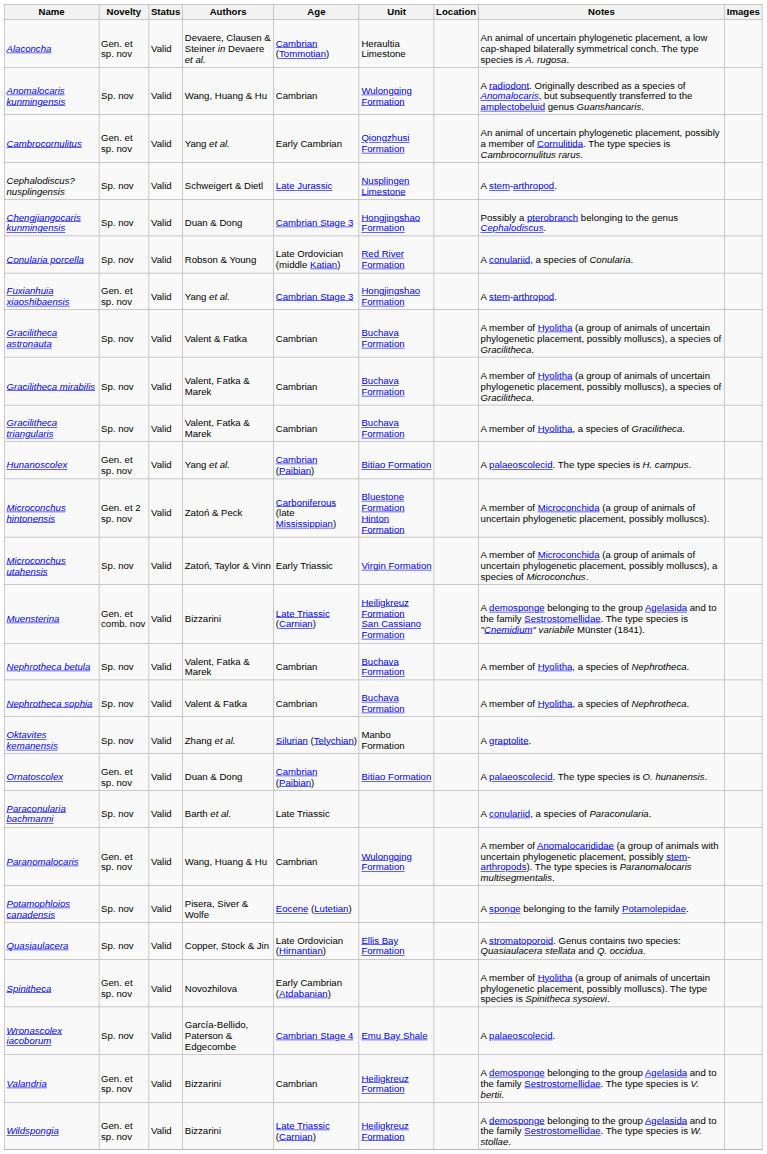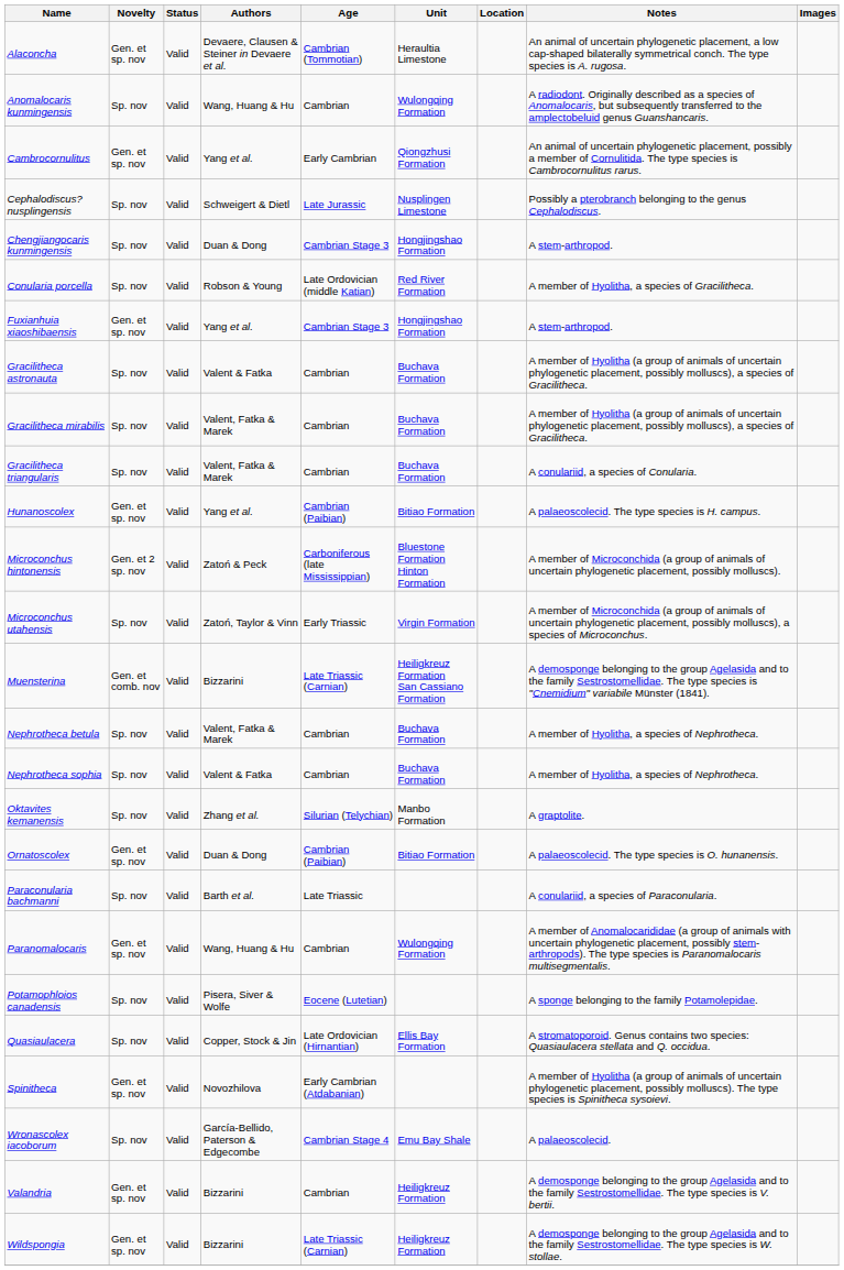 <table class="wikitable sortable" align="center" width="100%">
 <tr>
 <th>Name</th>
 <th>Novelty</th>
 <th>Status</th>
 <th>Authors</th>
 <th>Age</th>
 <th>Unit</th>
 <th>Location</th>
 <th>Notes</th>
 <th>Images</th>
 </tr>
 <tr>
 <td><br><em><a href='#'>Alaconcha</a></em></td>
 <td><br>Gen. et sp. nov</td>
 <td><br>Valid</td>
 <td><br>Devaere, Clausen & Steiner <em>in</em> Devaere <em>et al.</em></td>
 <td><br><a href='#'>Cambrian</a> (<a href='#'>Tommotian</a>)</td>
 <td><br>Heraultia Limestone</td>
 <td><br></td>
 <td><br>An animal of uncertain phylogenetic placement, a low cap-shaped bilaterally symmetrical conch. The type species is <em>A. rugosa</em>.</td>
 <td></td>
 </tr>
 <tr>
 <td><br><em><a href='#'>Anomalocaris kunmingensis</a></em></td>
 <td><br>Sp. nov</td>
 <td><br>Valid</td>
 <td><br>Wang, Huang & Hu</td>
 <td><br>Cambrian</td>
 <td><br><a href='#'>Wulongqing Formation</a></td>
 <td><br></td>
 <td><br>A <a href='#'>radiodont</a>. Originally described as a species of <em><a href='#'>Anomalocaris</a></em>, but subsequently transferred to the <a href='#'>amplectobeluid</a> genus <em>Guanshancaris</em>.</td>
 <td></td>
 </tr>
 <tr>
 <td><br><em><a href='#'>Cambrocornulitus</a></em></td>
 <td><br>Gen. et sp. nov</td>
 <td><br>Valid</td>
 <td><br>Yang <em>et al.</em></td>
 <td><br>Early Cambrian</td>
 <td><br><a href='#'>Qiongzhusi Formation</a></td>
 <td><br></td>
 <td><br>An animal of uncertain phylogenetic placement, possibly a member of <a href='#'>Cornulitida</a>. The type species is <em>Cambrocornulitus rarus</em>.</td>
 <td></td>
 </tr>
 <tr>
 <td><br><em>Cephalodiscus? nusplingensis</em></td>
 <td><br>Sp. nov</td>
 <td><br>Valid</td>
 <td><br>Schweigert & Dietl</td>
 <td><br><a href='#'>Late Jurassic</a></td>
 <td><br><a href='#'>Nusplingen Limestone</a></td>
 <td><br></td>
-<td><br>A <a href='#'>stem</a>-<a href='#'>arthropod</a>.</td>
+<td><br>Possibly a <a href='#'>pterobranch</a> belonging to the genus <em><a href='#'>Cephalodiscus</a></em>.</td>
 <td></td>
 </tr>
 <tr>
 <td><br><em><a href='#'>Chengjiangocaris kunmingensis</a></em></td>
 <td><br>Sp. nov</td>
 <td><br>Valid</td>
 <td><br>Duan & Dong</td>
 <td><br><a href='#'>Cambrian Stage 3</a></td>
 <td><br><a href='#'>Hongjingshao Formation</a></td>
 <td><br></td>
-<td><br>Possibly a <a href='#'>pterobranch</a> belonging to the genus <em><a href='#'>Cephalodiscus</a></em>.</td>
+<td><br>A <a href='#'>stem</a>-<a href='#'>arthropod</a>.</td>
 <td></td>
 </tr>
 <tr>
 <td><br><em><a href='#'>Conularia porcella</a></em></td>
 <td><br>Sp. nov</td>
 <td><br>Valid</td>
 <td><br>Robson & Young</td>
 <td><br>Late Ordovician (middle <a href='#'>Katian</a>)</td>
 <td><br><a href='#'>Red River Formation</a></td>
 <td><br></td>
-<td><br>A <a href='#'>conulariid</a>, a species of <em>Conularia</em>.</td>
+<td><br>A member of <a href='#'>Hyolitha</a>, a species of <em>Gracilitheca</em>.</td>
 <td></td>
 </tr>
 <tr>
 <td><br><em><a href='#'>Fuxianhuia xiaoshibaensis</a></em></td>
 <td><br>Gen. et sp. nov</td>
 <td><br>Valid</td>
 <td><br>Yang <em>et al.</em></td>
 <td><br><a href='#'>Cambrian Stage 3</a></td>
 <td><br><a href='#'>Hongjingshao Formation</a></td>
 <td><br></td>
 <td><br>A <a href='#'>stem</a>-<a href='#'>arthropod</a>.</td>
 <td></td>
 </tr>
 <tr>
 <td><br><em><a href='#'>Gracilitheca astronauta</a></em></td>
 <td><br>Sp. nov</td>
 <td><br>Valid</td>
 <td><br>Valent & Fatka</td>
 <td><br>Cambrian</td>
 <td><br><a href='#'>Buchava Formation</a></td>
 <td><br></td>
 <td><br>A member of <a href='#'>Hyolitha</a> (a group of animals of uncertain phylogenetic placement, possibly molluscs), a species of <em>Gracilitheca</em>.</td>
 <td></td>
 </tr>
 <tr>
 <td><br><em><a href='#'>Gracilitheca mirabilis</a></em></td>
 <td><br>Sp. nov</td>
 <td><br>Valid</td>
 <td><br>Valent, Fatka & Marek</td>
 <td><br>Cambrian</td>
 <td><br><a href='#'>Buchava Formation</a></td>
 <td><br></td>
 <td><br>A member of <a href='#'>Hyolitha</a> (a group of animals of uncertain phylogenetic placement, possibly molluscs), a species of <em>Gracilitheca</em>.</td>
 <td></td>
 </tr>
 <tr>
 <td><br><em><a href='#'>Gracilitheca triangularis</a></em></td>
 <td><br>Sp. nov</td>
 <td><br>Valid</td>
 <td><br>Valent, Fatka & Marek</td>
 <td><br>Cambrian</td>
 <td><br><a href='#'>Buchava Formation</a></td>
 <td><br></td>
-<td><br>A member of <a href='#'>Hyolitha</a>, a species of <em>Gracilitheca</em>.</td>
+<td><br>A <a href='#'>conulariid</a>, a species of <em>Conularia</em>.</td>
 <td></td>
 </tr>
 <tr>
 <td><br><em><a href='#'>Hunanoscolex</a></em></td>
 <td><br>Gen. et sp. nov</td>
 <td><br>Valid</td>
 <td><br>Yang <em>et al.</em></td>
 <td><br><a href='#'>Cambrian</a> (<a href='#'>Paibian</a>)</td>
 <td><br><a href='#'>Bitiao Formation</a></td>
 <td><br></td>
 <td><br>A <a href='#'>palaeoscolecid</a>. The type species is <em>H. campus</em>.</td>
 <td></td>
 </tr>
 <tr>
 <td><br><em><a href='#'>Microconchus hintonensis</a></em></td>
 <td><br>Gen. et 2 sp. nov</td>
 <td><br>Valid</td>
 <td><br>Zatoń & Peck</td>
 <td><br><a href='#'>Carboniferous</a> (late <a href='#'>Mississippian</a>)</td>
 <td><br><a href='#'>Bluestone Formation</a><br> <a href='#'>Hinton Formation</a></td>
 <td><br></td>
 <td><br>A member of <a href='#'>Microconchida</a> (a group of animals of uncertain phylogenetic placement, possibly molluscs).</td>
 <td></td>
 </tr>
 <tr>
 <td><br><em><a href='#'>Microconchus utahensis</a></em></td>
 <td><br>Sp. nov</td>
 <td><br>Valid</td>
 <td><br>Zatoń, Taylor & Vinn</td>
 <td><br>Early Triassic</td>
 <td><br><a href='#'>Virgin Formation</a></td>
 <td><br></td>
 <td><br>A member of <a href='#'>Microconchida</a> (a group of animals of uncertain phylogenetic placement, possibly molluscs), a species of <em>Microconchus</em>.</td>
 <td></td>
 </tr>
 <tr>
 <td><br><em><a href='#'>Muensterina</a></em></td>
 <td><br>Gen. et comb. nov</td>
 <td><br>Valid</td>
 <td><br>Bizzarini</td>
 <td><br><a href='#'>Late Triassic</a> (<a href='#'>Carnian</a>)</td>
 <td><br><a href='#'>Heiligkreuz Formation</a><br> <a href='#'>San Cassiano Formation</a></td>
 <td><br></td>
 <td><br>A <a href='#'>demosponge</a> belonging to the group <a href='#'>Agelasida</a> and to the family <a href='#'>Sestrostomellidae</a>. The type species is <em>"<a href='#'>Cnemidium</a>" variabile</em> Münster (1841).</td>
 <td></td>
 </tr>
 <tr>
 <td><br><em><a href='#'>Nephrotheca betula</a></em></td>
 <td><br>Sp. nov</td>
 <td><br>Valid</td>
 <td><br>Valent, Fatka & Marek</td>
 <td><br>Cambrian</td>
 <td><br><a href='#'>Buchava Formation</a></td>
 <td><br></td>
 <td><br>A member of <a href='#'>Hyolitha</a>, a species of <em>Nephrotheca</em>.</td>
 <td></td>
 </tr>
 <tr>
 <td><br><em><a href='#'>Nephrotheca sophia</a></em></td>
 <td><br>Sp. nov</td>
 <td><br>Valid</td>
 <td><br>Valent & Fatka</td>
 <td><br>Cambrian</td>
 <td><br><a href='#'>Buchava Formation</a></td>
 <td><br></td>
 <td><br>A member of <a href='#'>Hyolitha</a>, a species of <em>Nephrotheca</em>.</td>
 <td></td>
 </tr>
 <tr>
 <td><br><em><a href='#'>Oktavites kemanensis</a></em></td>
 <td><br>Sp. nov</td>
 <td><br>Valid</td>
 <td><br>Zhang <em>et al.</em></td>
 <td><br><a href='#'>Silurian</a> (<a href='#'>Telychian</a>)</td>
 <td><br>Manbo Formation</td>
 <td><br></td>
 <td><br>A <a href='#'>graptolite</a>.</td>
 <td></td>
 </tr>
 <tr>
 <td><br><em><a href='#'>Ornatoscolex</a></em></td>
 <td><br>Gen. et sp. nov</td>
 <td><br>Valid</td>
 <td><br>Duan & Dong</td>
 <td><br><a href='#'>Cambrian</a> (<a href='#'>Paibian</a>)</td>
 <td><br><a href='#'>Bitiao Formation</a></td>
 <td><br></td>
 <td><br>A <a href='#'>palaeoscolecid</a>. The type species is <em>O. hunanensis</em>.</td>
 <td></td>
 </tr>
 <tr>
 <td><br><em><a href='#'>Paraconularia bachmanni</a></em></td>
 <td><br>Sp. nov</td>
 <td><br>Valid</td>
 <td><br>Barth <em>et al.</em></td>
 <td><br>Late Triassic</td>
 <td></td>
 <td><br></td>
 <td><br>A <a href='#'>conulariid</a>, a species of <em>Paraconularia</em>.</td>
 <td></td>
 </tr>
 <tr>
 <td><br><em><a href='#'>Paranomalocaris</a></em></td>
 <td><br>Gen. et sp. nov</td>
 <td><br>Valid</td>
 <td><br>Wang, Huang & Hu</td>
 <td><br>Cambrian</td>
 <td><br><a href='#'>Wulongqing Formation</a></td>
 <td><br></td>
 <td><br>A member of <a href='#'>Anomalocarididae</a> (a group of animals with uncertain phylogenetic placement, possibly <a href='#'>stem</a>-<a href='#'>arthropods</a>). The type species is <em>Paranomalocaris multisegmentalis</em>.</td>
 <td></td>
 </tr>
 <tr>
 <td><br><em><a href='#'>Potamophloios canadensis</a></em></td>
 <td><br>Sp. nov</td>
 <td><br>Valid</td>
 <td><br>Pisera, Siver & Wolfe</td>
 <td><br><a href='#'>Eocene</a> (<a href='#'>Lutetian</a>)</td>
 <td></td>
 <td><br></td>
 <td><br>A <a href='#'>sponge</a> belonging to the family <a href='#'>Potamolepidae</a>.</td>
 <td></td>
 </tr>
 <tr>
 <td><br><em><a href='#'>Quasiaulacera</a></em></td>
 <td><br>Sp. nov</td>
 <td><br>Valid</td>
 <td><br>Copper, Stock & Jin</td>
 <td><br>Late Ordovician (<a href='#'>Hirnantian</a>)</td>
 <td><br><a href='#'>Ellis Bay Formation</a></td>
 <td><br></td>
 <td><br>A <a href='#'>stromatoporoid</a>. Genus contains two species: <em>Quasiaulacera stellata</em> and <em>Q. occidua</em>.</td>
 <td></td>
 </tr>
 <tr>
 <td><br><em><a href='#'>Spinitheca</a></em></td>
 <td><br>Gen. et sp. nov</td>
 <td><br>Valid</td>
 <td><br>Novozhilova</td>
 <td><br>Early Cambrian (<a href='#'>Atdabanian</a>)</td>
 <td></td>
 <td><br></td>
 <td><br>A member of <a href='#'>Hyolitha</a> (a group of animals of uncertain phylogenetic placement, possibly molluscs). The type species is <em>Spinitheca sysoievi</em>.</td>
 <td></td>
 </tr>
 <tr>
 <td><br><em><a href='#'>Wronascolex iacoborum</a></em></td>
 <td><br>Sp. nov</td>
 <td><br>Valid</td>
 <td><br>García-Bellido, Paterson & Edgecombe</td>
 <td><br><a href='#'>Cambrian Stage 4</a></td>
 <td><br><a href='#'>Emu Bay Shale</a></td>
 <td><br></td>
 <td><br>A <a href='#'>palaeoscolecid</a>.</td>
 <td></td>
 </tr>
 <tr>
 <td><br><em><a href='#'>Valandria</a></em></td>
 <td><br>Gen. et sp. nov</td>
 <td><br>Valid</td>
 <td><br>Bizzarini</td>
 <td><br>Cambrian</td>
 <td><br><a href='#'>Heiligkreuz Formation</a></td>
 <td><br></td>
 <td><br>A <a href='#'>demosponge</a> belonging to the group <a href='#'>Agelasida</a> and to the family <a href='#'>Sestrostomellidae</a>. The type species is <em>V. bertii</em>.</td>
 <td></td>
 </tr>
 <tr>
 <td><br><em><a href='#'>Wildspongia</a></em></td>
 <td><br>Gen. et sp. nov</td>
 <td><br>Valid</td>
 <td><br>Bizzarini</td>
 <td><br><a href='#'>Late Triassic</a> (<a href='#'>Carnian</a>)</td>
 <td><br><a href='#'>Heiligkreuz Formation</a></td>
 <td><br></td>
 <td><br>A <a href='#'>demosponge</a> belonging to the group <a href='#'>Agelasida</a> and to the family <a href='#'>Sestrostomellidae</a>. The type species is <em>W. stollae</em>.</td>
 <td></td>
 </tr>
 <tr>
 </tr>
 </table>
